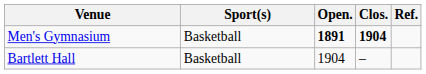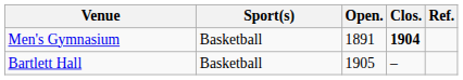 <table class="wikitable"; style= "text-align: ">
 <tr>
 <th width=200px>Venue</th>
 <th width=150px>Sport(s)</th>
 <th width=px>Open.</th>
 <th width=px>Clos.</th>
 <th width=px>Ref.</th>
 </tr>
 <tr>
 <td><a href='#'>Men's Gymnasium</a></td>
 <td>Basketball</td>
-<td><strong>1891</strong></td>
+<td>1891</td>
 <td><strong>1904</strong></td>
 <td></td>
 </tr>
 <tr>
 <td><a href='#'>Bartlett Hall</a></td>
 <td>Basketball</td>
-<td>1904</td>
+<td>1905</td>
 <td>– </td>
 <td></td>
 </tr>
 </table>
